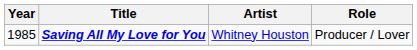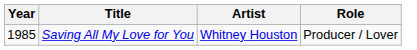 <table class="wikitable sortable">
 <tr>
 <th>Year</th>
 <th>Title</th>
 <th>Artist</th>
 <th>Role</th>
 </tr>
 <tr>
 <td>1985</td>
-<td><strong><em><a href='#'>Saving All My Love for You</a></em></strong></td>
+<td><em><a href='#'>Saving All My Love for You</a></em></td>
 <td><a href='#'>Whitney Houston</a></td>
 <td>Producer / Lover</td>
 </tr>
 </table>
